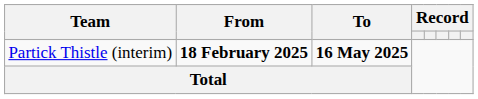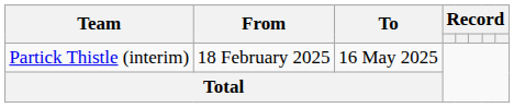 <table class=wikitable style=text-align:center>
 <tr>
 <th rowspan=2>Team</th>
 <th rowspan=2>From</th>
 <th rowspan=2>To</th>
 <th colspan=5>Record</th>
 </tr>
 <tr>
 <th></th>
 <th></th>
 <th></th>
 <th></th>
 <th></th>
 </tr>
 <tr>
 <td align=left><a href='#'>Partick Thistle</a> (interim)</td>
-<td align=left><strong>18 February 2025</strong></td>
-<td align=left><strong>16 May 2025<br></strong></td>
+<td align=left>18 February 2025</td>
+<td align=left>16 May 2025<br></td>
 </tr>
 <tr>
 <th colspan=3>Total<br></th>
 </tr>
 </table>
